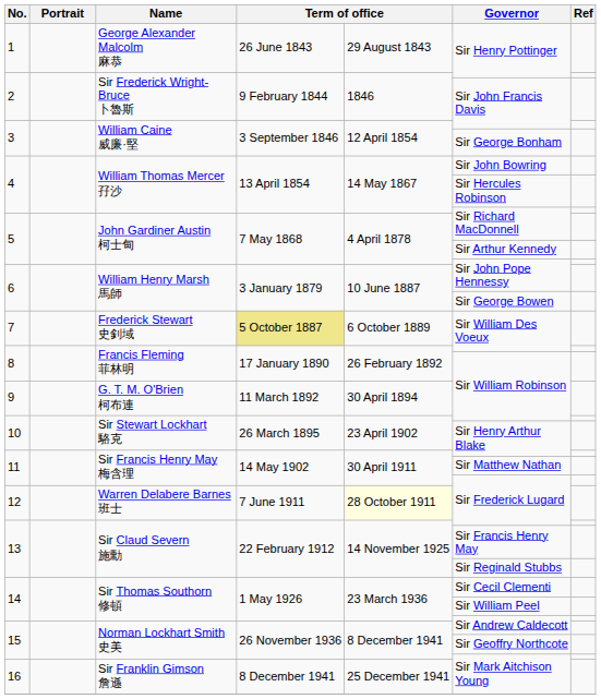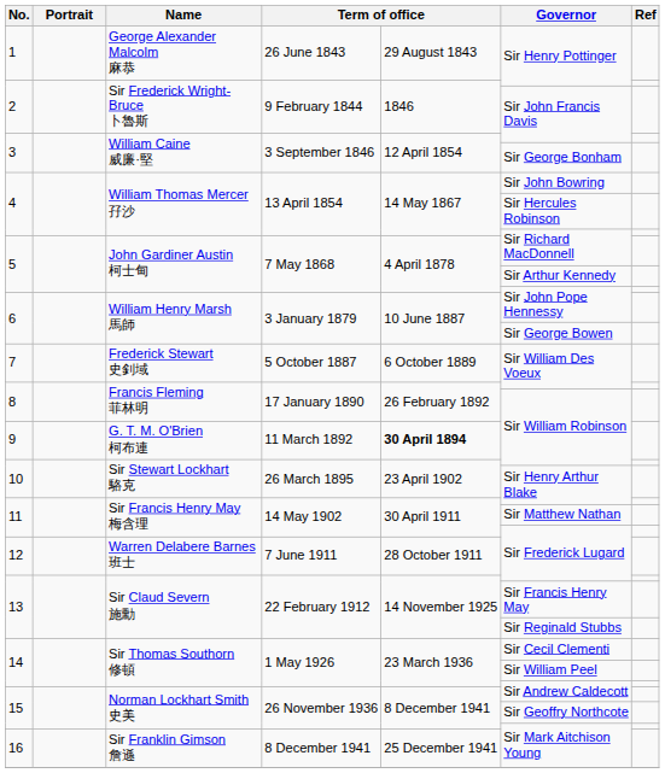 <table class="wikitable"  style="text-align:left">
 <tr>
 <th width=10px>No.</th>
 <th width=80px>Portrait</th>
 <th width=180px>Name</th>
 <th width=240px colspan=2>Term of office</th>
 <th width=150px><a href='#'>Governor</a></th>
 <th>Ref</th>
 </tr>
 <tr>
 <td>1</td>
 <td></td>
 <td><a href='#'>George Alexander Malcolm</a><br>麻恭</td>
 <td>26 June 1843</td>
 <td>29 August 1843</td>
 <td rowspan=2>Sir <a href='#'>Henry Pottinger</a><br></td>
 <td></td>
 </tr>
 <tr>
 <td rowspan=2>2</td>
 <td rowspan=2></td>
 <td rowspan=2>Sir <a href='#'>Frederick Wright-Bruce</a><br>卜魯斯</td>
 <td rowspan=2>9 February 1844</td>
 <td rowspan=2>1846</td>
 <td></td>
 </tr>
 <tr>
 <td rowspan=2>Sir <a href='#'>John Francis Davis</a><br></td>
 <td></td>
 </tr>
 <tr>
 <td rowspan=2>3</td>
 <td rowspan=2></td>
 <td rowspan=2><a href='#'>William Caine</a><br>威廉·堅</td>
 <td rowspan=2>3 September 1846</td>
 <td rowspan=2>12 April 1854</td>
 <td></td>
 </tr>
 <tr>
 <td>Sir <a href='#'>George Bonham</a><br></td>
 <td></td>
 </tr>
 <tr>
 <td rowspan=3>4</td>
 <td rowspan=3></td>
 <td rowspan=3><a href='#'>William Thomas Mercer</a><br>孖沙</td>
 <td rowspan=3>13 April 1854</td>
 <td rowspan=3>14 May 1867</td>
 <td>Sir <a href='#'>John Bowring</a><br></td>
 <td></td>
 </tr>
 <tr>
 <td>Sir <a href='#'>Hercules Robinson</a><br></td>
 <td></td>
 </tr>
 <tr>
 <td rowspan=2>Sir <a href='#'>Richard MacDonnell</a><br></td>
 <td></td>
 </tr>
 <tr>
 <td rowspan=3>5</td>
 <td rowspan=3></td>
 <td rowspan=3><a href='#'>John Gardiner Austin</a><br>柯士甸</td>
 <td rowspan=3>7 May 1868</td>
 <td rowspan=3>4 April 1878</td>
 <td></td>
 </tr>
 <tr>
 <td>Sir <a href='#'>Arthur Kennedy</a><br></td>
 <td></td>
 </tr>
 <tr>
 <td rowspan=2>Sir <a href='#'>John Pope Hennessy</a><br></td>
 <td></td>
 </tr>
 <tr>
 <td rowspan=2>6</td>
 <td rowspan=2></td>
 <td rowspan=2><a href='#'>William Henry Marsh</a><br>馬師</td>
 <td rowspan=2>3 January 1879</td>
 <td rowspan=2>10 June 1887</td>
 <td></td>
 </tr>
 <tr>
 <td>Sir <a href='#'>George Bowen</a><br></td>
 <td></td>
 </tr>
 <tr>
 <td>7</td>
 <td></td>
 <td><a href='#'>Frederick Stewart</a><br>史釗域</td>
-<td style="background: khaki;">5 October 1887</td>
+<td>5 October 1887</td>
 <td>6 October 1889</td>
 <td rowspan=2>Sir <a href='#'>William Des Voeux</a><br></td>
 <td></td>
 </tr>
 <tr>
 <td rowspan=2>8</td>
 <td rowspan=2></td>
 <td rowspan=2><a href='#'>Francis Fleming</a><br>菲林明</td>
 <td rowspan=2>17 January 1890</td>
 <td rowspan=2>26 February 1892</td>
 <td></td>
 </tr>
 <tr>
 <td rowspan=3>Sir <a href='#'>William Robinson</a><br></td>
 <td></td>
 </tr>
 <tr>
 <td>9</td>
 <td></td>
 <td><a href='#'>G. T. M. O'Brien</a><br>柯布連</td>
 <td>11 March 1892</td>
-<td>30 April 1894</td>
+<td><strong>30 April 1894</strong></td>
 <td></td>
 </tr>
 <tr>
 <td rowspan=2>10</td>
 <td rowspan=2></td>
 <td rowspan=2>Sir <a href='#'>Stewart Lockhart</a><br>駱克</td>
 <td rowspan=2>26 March 1895</td>
 <td rowspan=2>23 April 1902</td>
 <td></td>
 </tr>
 <tr>
 <td rowspan=2>Sir <a href='#'>Henry Arthur Blake</a><br></td>
 <td></td>
 </tr>
 <tr>
 <td rowspan=3>11</td>
 <td rowspan=3></td>
 <td rowspan=3>Sir <a href='#'>Francis Henry May</a><br>梅含理</td>
 <td rowspan=3>14 May 1902</td>
 <td rowspan=3>30 April 1911</td>
 <td></td>
 </tr>
 <tr>
 <td>Sir <a href='#'>Matthew Nathan</a><br></td>
 <td></td>
 </tr>
 <tr>
 <td rowspan=3>Sir <a href='#'>Frederick Lugard</a><br></td>
 <td></td>
 </tr>
 <tr>
 <td>12</td>
 <td></td>
 <td><a href='#'>Warren Delabere Barnes</a><br>班士</td>
 <td>7 June 1911</td>
-<td style="background: lightyellow;">28 October 1911</td>
+<td>28 October 1911</td>
 <td></td>
 </tr>
 <tr>
 <td rowspan=3>13</td>
 <td rowspan=3></td>
 <td rowspan=3>Sir <a href='#'>Claud Severn</a><br>施勳</td>
 <td rowspan=3>22 February 1912</td>
 <td rowspan=3>14 November 1925</td>
 <td></td>
 </tr>
 <tr>
 <td>Sir <a href='#'>Francis Henry May</a><br></td>
 <td></td>
 </tr>
 <tr>
 <td>Sir <a href='#'>Reginald Stubbs</a><br></td>
 <td></td>
 </tr>
 <tr>
 <td rowspan=3>14</td>
 <td rowspan=3></td>
 <td rowspan=3>Sir <a href='#'>Thomas Southorn</a><br>修頓</td>
 <td rowspan=3>1 May 1926</td>
 <td rowspan=3>23 March 1936</td>
 <td>Sir <a href='#'>Cecil Clementi</a><br></td>
 <td></td>
 </tr>
 <tr>
 <td>Sir <a href='#'>William Peel</a><br></td>
 <td></td>
 </tr>
 <tr>
 <td rowspan=2>Sir <a href='#'>Andrew Caldecott</a><br></td>
 <td></td>
 </tr>
 <tr>
 <td rowspan=3>15</td>
 <td rowspan=3></td>
 <td rowspan=3><a href='#'>Norman Lockhart Smith</a><br>史美</td>
 <td rowspan=3>26 November 1936</td>
 <td rowspan=3>8 December 1941</td>
 <td></td>
 </tr>
 <tr>
 <td>Sir <a href='#'>Geoffry Northcote</a><br></td>
 <td></td>
 </tr>
 <tr>
 <td rowspan=2>Sir <a href='#'>Mark Aitchison Young</a><br></td>
 <td></td>
 </tr>
 <tr>
 <td>16</td>
 <td></td>
 <td>Sir <a href='#'>Franklin Gimson</a><br>詹遜</td>
 <td>8 December 1941</td>
 <td>25 December 1941</td>
 <td></td>
 </tr>
 <tr>
 </tr>
 </table>
